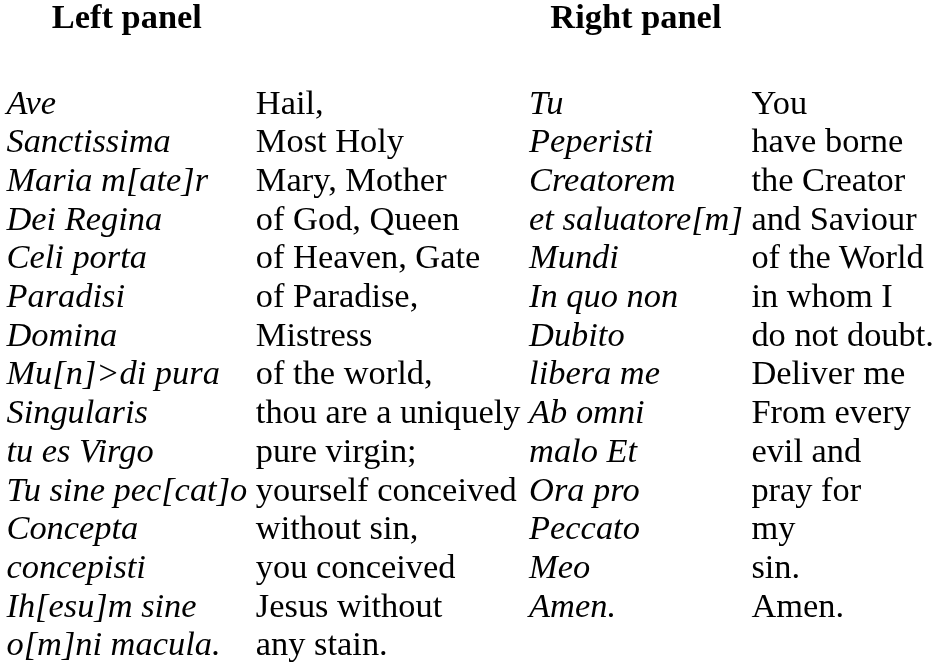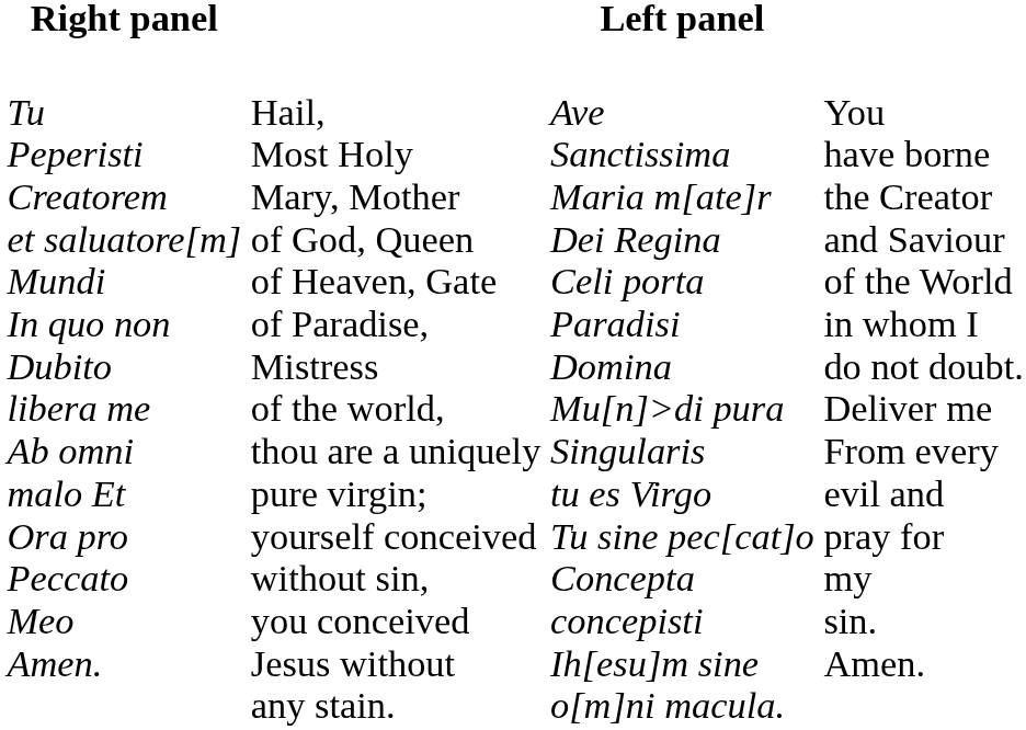 <table>
 <tr>
+<th>Right panel</th>
+<th></th>
 <th>Left panel</th>
-<th></th>
-<th>Right panel</th>
 <th></th>
 </tr>
 <tr>
+<td valign=top><br><em>Tu</em><br> <em>Peperisti</em><br> <em>Creatorem</em><br> <em>et saluatore[m]</em><br> <em>Mundi</em><br> <em>In quo non</em><br> <em>Dubito</em><br> <em>libera me</em><br> <em>Ab omni</em><br> <em>malo Et</em><br> <em>Ora pro</em><br> <em>Peccato</em><br> <em>Meo</em><br> <em>Amen.</em></td>
+<td valign=top><br>Hail,<br> Most Holy <br> Mary, Mother<br> of God, Queen <br> of Heaven, Gate <br> of Paradise,<br> Mistress<br> of the world,<br> thou are a uniquely<br> pure virgin;<br> yourself conceived<br> without sin,<br> you conceived<br> Jesus without<br> any stain.</td>
 <td><br><em>Ave</em><br> <em>Sanctissima</em><br> <em>Maria m[ate]r</em><br> <em>Dei Regina</em><br> <em>Celi porta</em><br> <em>Paradisi</em><br> <em>Domina</em><br> <em>Mu[n]>di pura</em><br> <em>Singularis</em><br> <em>tu es Virgo</em><br> <em>Tu sine pec[cat]o</em><br> <em>Concepta</em><br> <em>concepisti</em><br> <em>Ih[esu]m sine</em><br> <em>o[m]ni macula.</em></td>
-<td valign=top><br>Hail,<br> Most Holy <br> Mary, Mother<br> of God, Queen <br> of Heaven, Gate <br> of Paradise,<br> Mistress<br> of the world,<br> thou are a uniquely<br> pure virgin;<br> yourself conceived<br> without sin,<br> you conceived<br> Jesus without<br> any stain.</td>
-<td valign=top><br><em>Tu</em><br> <em>Peperisti</em><br> <em>Creatorem</em><br> <em>et saluatore[m]</em><br> <em>Mundi</em><br> <em>In quo non</em><br> <em>Dubito</em><br> <em>libera me</em><br> <em>Ab omni</em><br> <em>malo Et</em><br> <em>Ora pro</em><br> <em>Peccato</em><br> <em>Meo</em><br> <em>Amen.</em></td>
 <td valign=top><br>You<br> have borne<br> the Creator<br> and Saviour<br> of the World<br> in whom I<br> do not doubt.<br> Deliver me<br> From every<br> evil and<br> pray for<br> my<br> sin.<br> Amen.</td>
 </tr>
 </table>
